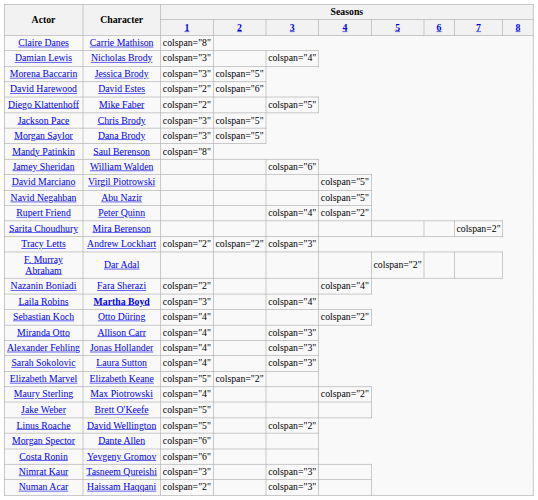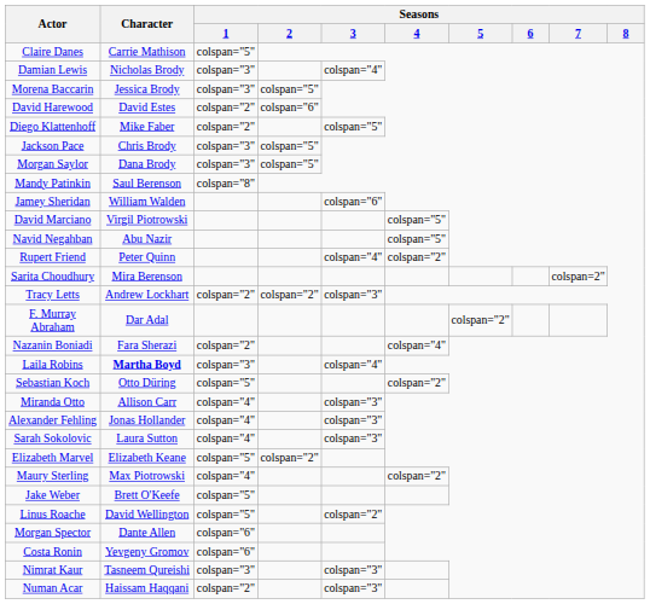 <table class="wikitable" style="text-align:center">
 <tr>
 <th rowspan="2" style="width:18%;">Actor</th>
 <th rowspan="2" style="width:18%;">Character</th>
 <th colspan="8">Seasons</th>
 </tr>
 <tr>
 <th style="width:8%;"><a href='#'>1</a></th>
 <th style="width:8%;"><a href='#'>2</a></th>
 <th style="width:8%;"><a href='#'>3</a></th>
 <th style="width:8%;"><a href='#'>4</a></th>
 <th style="width:8%;"><a href='#'>5</a></th>
 <th style="width:8%;"><a href='#'>6</a></th>
 <th style="width:8%;"><a href='#'>7</a></th>
 <th style="width:8%;"><a href='#'>8</a></th>
 </tr>
 <tr>
 <td><a href='#'>Claire Danes</a></td>
 <td><a href='#'>Carrie Mathison</a></td>
-<td>colspan="8" </td>
+<td>colspan="5" </td>
 </tr>
 <tr>
 <td><a href='#'>Damian Lewis</a></td>
 <td><a href='#'>Nicholas Brody</a></td>
 <td>colspan="3" </td>
 <td></td>
 <td>colspan="4" </td>
 </tr>
 <tr>
 <td><a href='#'>Morena Baccarin</a></td>
 <td><a href='#'>Jessica Brody</a></td>
 <td>colspan="3" </td>
 <td>colspan="5" </td>
 </tr>
 <tr>
 <td><a href='#'>David Harewood</a></td>
 <td><a href='#'>David Estes</a></td>
 <td>colspan="2" </td>
 <td>colspan="6" </td>
 </tr>
 <tr>
 <td><a href='#'>Diego Klattenhoff</a></td>
 <td><a href='#'>Mike Faber</a></td>
 <td>colspan="2" </td>
 <td></td>
 <td>colspan="5" </td>
 </tr>
 <tr>
 <td><a href='#'>Jackson Pace</a></td>
 <td><a href='#'>Chris Brody</a></td>
 <td>colspan="3" </td>
 <td>colspan="5" </td>
 </tr>
 <tr>
 <td><a href='#'>Morgan Saylor</a></td>
 <td><a href='#'>Dana Brody</a></td>
 <td>colspan="3" </td>
 <td>colspan="5" </td>
 </tr>
 <tr>
 <td><a href='#'>Mandy Patinkin</a></td>
 <td><a href='#'>Saul Berenson</a></td>
 <td>colspan="8" </td>
 </tr>
 <tr>
 <td><a href='#'>Jamey Sheridan</a></td>
 <td><a href='#'>William Walden</a></td>
 <td></td>
 <td></td>
 <td>colspan="6" </td>
 </tr>
 <tr>
 <td><a href='#'>David Marciano</a></td>
 <td><a href='#'>Virgil Piotrowski</a></td>
 <td></td>
 <td></td>
 <td></td>
 <td>colspan="5" </td>
 </tr>
 <tr>
 <td><a href='#'>Navid Negahban</a></td>
 <td><a href='#'>Abu Nazir</a></td>
 <td></td>
 <td></td>
 <td></td>
 <td>colspan="5" </td>
 </tr>
 <tr>
 <td><a href='#'>Rupert Friend</a></td>
 <td><a href='#'>Peter Quinn</a></td>
 <td></td>
 <td></td>
 <td>colspan="4" </td>
 <td>colspan="2" </td>
 </tr>
 <tr>
 <td><a href='#'>Sarita Choudhury</a></td>
 <td><a href='#'>Mira Berenson</a></td>
 <td></td>
 <td></td>
 <td></td>
 <td></td>
 <td></td>
 <td></td>
 <td>colspan=2" </td>
 </tr>
 <tr>
 <td><a href='#'>Tracy Letts</a></td>
 <td><a href='#'>Andrew Lockhart</a></td>
 <td>colspan="2" </td>
 <td>colspan="2" </td>
 <td>colspan="3" </td>
 </tr>
 <tr>
 <td><a href='#'>F. Murray Abraham</a></td>
 <td><a href='#'>Dar Adal</a></td>
 <td></td>
 <td></td>
 <td></td>
 <td></td>
 <td>colspan="2" </td>
 <td></td>
 <td></td>
 </tr>
 <tr>
 <td><a href='#'>Nazanin Boniadi</a></td>
 <td><a href='#'>Fara Sherazi</a></td>
 <td>colspan="2" </td>
 <td></td>
 <td></td>
 <td>colspan="4" </td>
 </tr>
 <tr>
 <td><a href='#'>Laila Robins</a></td>
 <td><strong><a href='#'>Martha Boyd</a></strong></td>
 <td>colspan="3" </td>
 <td></td>
 <td>colspan="4" </td>
 </tr>
 <tr>
 <td><a href='#'>Sebastian Koch</a></td>
 <td><a href='#'>Otto Düring</a></td>
-<td>colspan="4" </td>
+<td>colspan="5" </td>
 <td></td>
 <td></td>
 <td>colspan="2" </td>
 </tr>
 <tr>
 <td><a href='#'>Miranda Otto</a></td>
 <td><a href='#'>Allison Carr</a></td>
 <td>colspan="4" </td>
 <td></td>
 <td>colspan="3" </td>
 </tr>
 <tr>
 <td><a href='#'>Alexander Fehling</a></td>
 <td><a href='#'>Jonas Hollander</a></td>
 <td>colspan="4" </td>
 <td></td>
 <td>colspan="3" </td>
 </tr>
 <tr>
 <td><a href='#'>Sarah Sokolovic</a></td>
 <td><a href='#'>Laura Sutton</a></td>
 <td>colspan="4" </td>
 <td></td>
 <td>colspan="3" </td>
 </tr>
 <tr>
 <td><a href='#'>Elizabeth Marvel</a></td>
 <td><a href='#'>Elizabeth Keane</a></td>
 <td>colspan="5" </td>
 <td>colspan="2" </td>
 <td></td>
 </tr>
 <tr>
 <td><a href='#'>Maury Sterling</a></td>
 <td><a href='#'>Max Piotrowski</a></td>
 <td>colspan="4" </td>
 <td></td>
 <td></td>
 <td>colspan="2" </td>
 </tr>
 <tr>
 <td><a href='#'>Jake Weber</a></td>
 <td><a href='#'>Brett O'Keefe</a></td>
 <td>colspan="5" </td>
 <td></td>
 <td></td>
 <td></td>
 </tr>
 <tr>
 <td><a href='#'>Linus Roache</a></td>
 <td><a href='#'>David Wellington</a></td>
 <td>colspan="5" </td>
 <td></td>
 <td>colspan="2" </td>
 </tr>
 <tr>
 <td><a href='#'>Morgan Spector</a></td>
 <td><a href='#'>Dante Allen</a></td>
 <td>colspan="6" </td>
 <td></td>
 <td></td>
 </tr>
 <tr>
 <td><a href='#'>Costa Ronin</a></td>
 <td><a href='#'>Yevgeny Gromov</a></td>
 <td>colspan="6" </td>
 <td></td>
 <td></td>
 </tr>
 <tr>
 <td><a href='#'>Nimrat Kaur</a></td>
 <td><a href='#'>Tasneem Qureishi</a></td>
 <td>colspan="3" </td>
 <td></td>
 <td>colspan="3" </td>
 <td></td>
 </tr>
 <tr>
 <td><a href='#'>Numan Acar</a></td>
 <td><a href='#'>Haissam Haqqani</a></td>
 <td>colspan="2" </td>
 <td></td>
 <td>colspan="3" </td>
 <td></td>
 </tr>
 </table>
